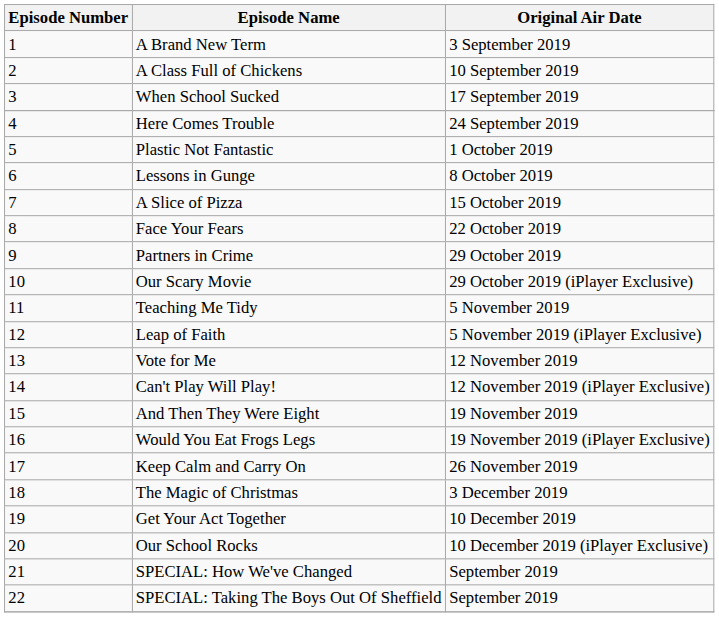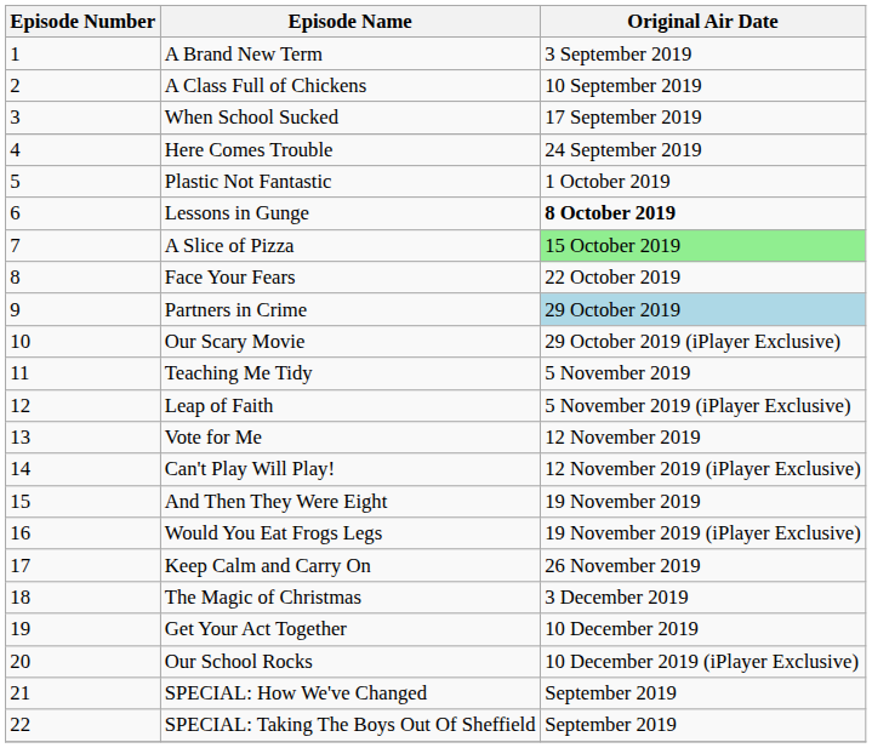 <table class="wikitable">
 <tr>
 <th>Episode Number</th>
 <th>Episode Name</th>
 <th>Original Air Date</th>
 </tr>
 <tr>
 <td>1</td>
 <td>A Brand New Term</td>
 <td>3 September 2019</td>
 </tr>
 <tr>
 <td>2</td>
 <td>A Class Full of Chickens</td>
 <td>10 September 2019</td>
 </tr>
 <tr>
 <td>3</td>
 <td>When School Sucked</td>
 <td>17 September 2019</td>
 </tr>
 <tr>
 </tr>
 <tr>
 <td>4</td>
 <td>Here Comes Trouble</td>
 <td>24 September 2019</td>
 </tr>
 <tr>
 <td>5</td>
 <td>Plastic Not Fantastic</td>
 <td>1 October 2019</td>
 </tr>
 <tr>
 <td>6</td>
 <td>Lessons in Gunge</td>
-<td>8 October 2019</td>
+<td><strong>8 October 2019</strong></td>
 </tr>
 <tr>
 <td>7</td>
 <td>A Slice of Pizza</td>
-<td>15 October 2019</td>
+<td style="background: lightgreen;">15 October 2019</td>
 </tr>
 <tr>
 <td>8</td>
 <td>Face Your Fears</td>
 <td>22 October 2019</td>
 </tr>
 <tr>
 <td>9</td>
 <td>Partners in Crime</td>
-<td>29 October 2019</td>
+<td style="background: lightblue;">29 October 2019</td>
 </tr>
 <tr>
 <td>10</td>
 <td>Our Scary Movie</td>
 <td>29 October 2019 (iPlayer Exclusive)</td>
 </tr>
 <tr>
 <td>11</td>
 <td>Teaching Me Tidy</td>
 <td>5 November 2019</td>
 </tr>
 <tr>
 <td>12</td>
 <td>Leap of Faith</td>
 <td>5 November 2019 (iPlayer Exclusive)</td>
 </tr>
 <tr>
 <td>13</td>
 <td>Vote for Me</td>
 <td>12 November 2019</td>
 </tr>
 <tr>
 <td>14</td>
 <td>Can't Play Will Play!</td>
 <td>12 November 2019 (iPlayer Exclusive)</td>
 </tr>
 <tr>
 <td>15</td>
 <td>And Then They Were Eight</td>
 <td>19 November 2019</td>
 </tr>
 <tr>
 <td>16</td>
 <td>Would You Eat Frogs Legs</td>
 <td>19 November 2019 (iPlayer Exclusive)</td>
 </tr>
 <tr>
 <td>17</td>
 <td>Keep Calm and Carry On</td>
 <td>26 November 2019</td>
 </tr>
 <tr>
 <td>18</td>
 <td>The Magic of Christmas</td>
 <td>3 December 2019</td>
 </tr>
 <tr>
 <td>19</td>
 <td>Get Your Act Together</td>
 <td>10 December 2019</td>
 </tr>
 <tr>
 <td>20</td>
 <td>Our School Rocks</td>
 <td>10 December 2019 (iPlayer Exclusive)</td>
 </tr>
 <tr>
 <td>21</td>
 <td>SPECIAL: How We've Changed</td>
 <td>September 2019</td>
 </tr>
 <tr>
 <td>22</td>
 <td>SPECIAL: Taking The Boys Out Of Sheffield</td>
 <td>September 2019</td>
 </tr>
 <tr>
 </tr>
 </table>
